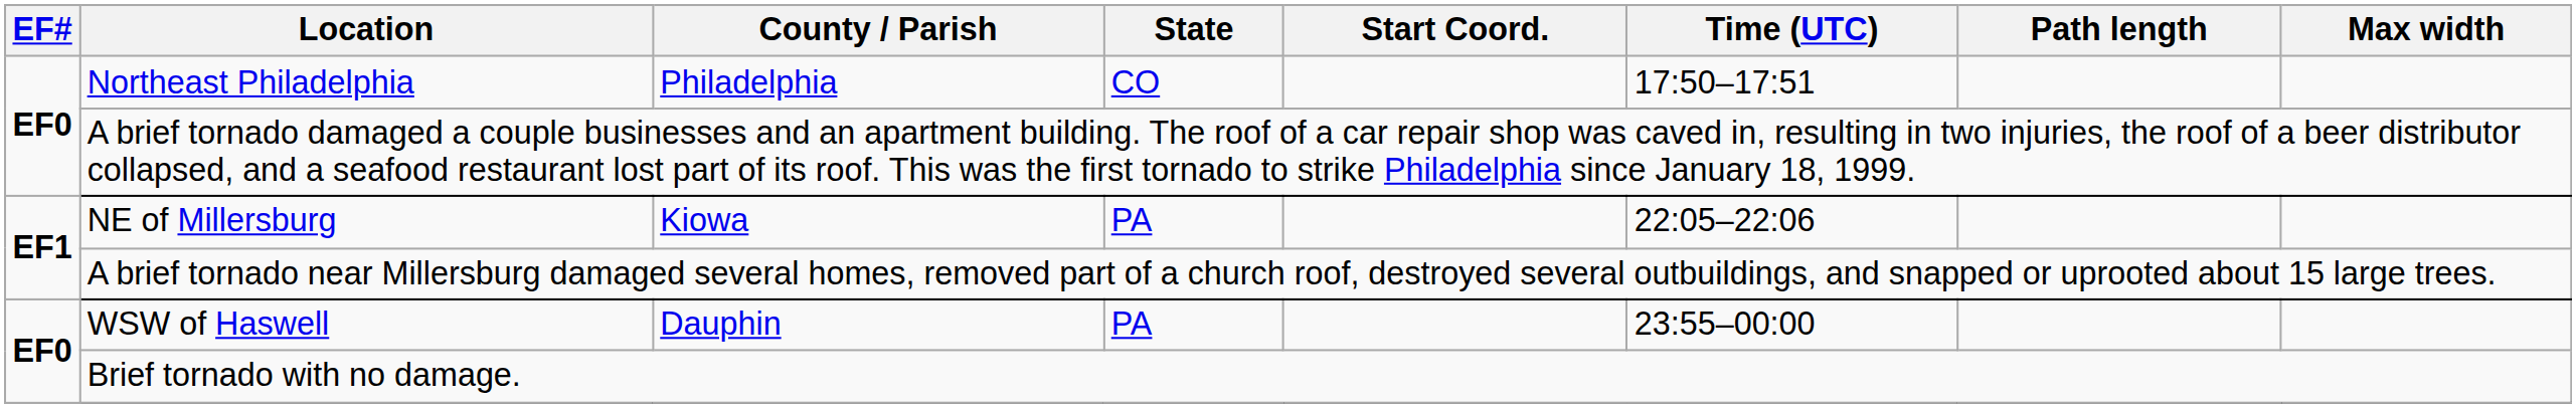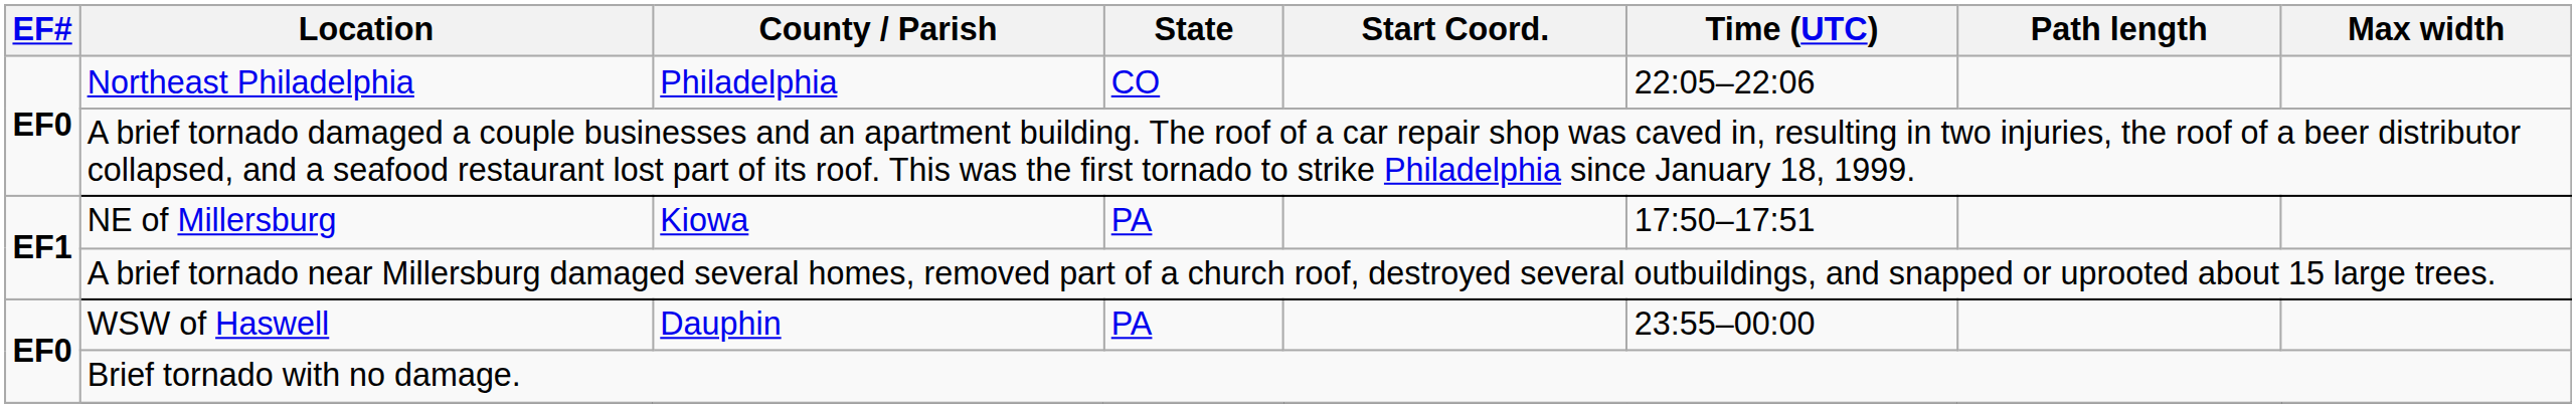 <table class="wikitable sortable" style="width:100%;">
 <tr>
 <th scope="col" width="2%" align="center"><a href='#'>EF#</a></th>
 <th scope="col" align="center" class="unsortable">Location</th>
 <th scope="col" align="center" class="unsortable">County / Parish</th>
 <th scope="col" align="center">State</th>
 <th scope="col" align="center" data-sort-type="number">Start Coord.</th>
 <th scope="col" align="center" data-sort-type="number">Time (<a href='#'>UTC</a>)</th>
 <th scope="col" align="center" data-sort-type="number">Path length</th>
 <th scope="col" align="center" data-sort-type="number">Max width</th>
 </tr>
 <tr>
 <td rowspan="2" align="center"><strong>EF0</strong></td>
 <td><a href='#'>Northeast Philadelphia</a></td>
 <td><a href='#'>Philadelphia</a></td>
 <td><a href='#'>CO</a></td>
 <td></td>
-<td>17:50–17:51</td>
+<td>22:05–22:06</td>
 <td></td>
 <td></td>
 </tr>
 <tr class="expand-child">
 <td colspan="8" style=" border-bottom: 1px solid black;">A brief tornado damaged a couple businesses and an apartment building. The roof of a car repair shop was caved in, resulting in two injuries, the roof of a beer distributor collapsed, and a seafood restaurant lost part of its roof. This was the first tornado to strike <a href='#'>Philadelphia</a> since January 18, 1999.</td>
 </tr>
 <tr>
 <td rowspan="2" align="center"><strong>EF1</strong></td>
 <td>NE of <a href='#'>Millersburg</a></td>
 <td><a href='#'>Kiowa</a></td>
 <td><a href='#'>PA</a></td>
 <td></td>
-<td>22:05–22:06</td>
+<td>17:50–17:51</td>
 <td></td>
 <td></td>
 </tr>
 <tr class="expand-child">
 <td colspan="8" style=" border-bottom: 1px solid black;">A brief tornado near Millersburg damaged several homes, removed part of a church roof, destroyed several outbuildings, and snapped or uprooted about 15 large trees.</td>
 </tr>
 <tr>
 <td rowspan="2" align="center"><strong>EF0</strong></td>
 <td>WSW of <a href='#'>Haswell</a></td>
 <td><a href='#'>Dauphin</a></td>
 <td><a href='#'>PA</a></td>
 <td></td>
 <td>23:55–00:00</td>
 <td></td>
 <td></td>
 </tr>
 <tr class="expand-child">
 <td colspan="8" style=" border-bottom: 1px solid black;">Brief tornado with no damage.</td>
 </tr>
 <tr>
 </tr>
 </table>
